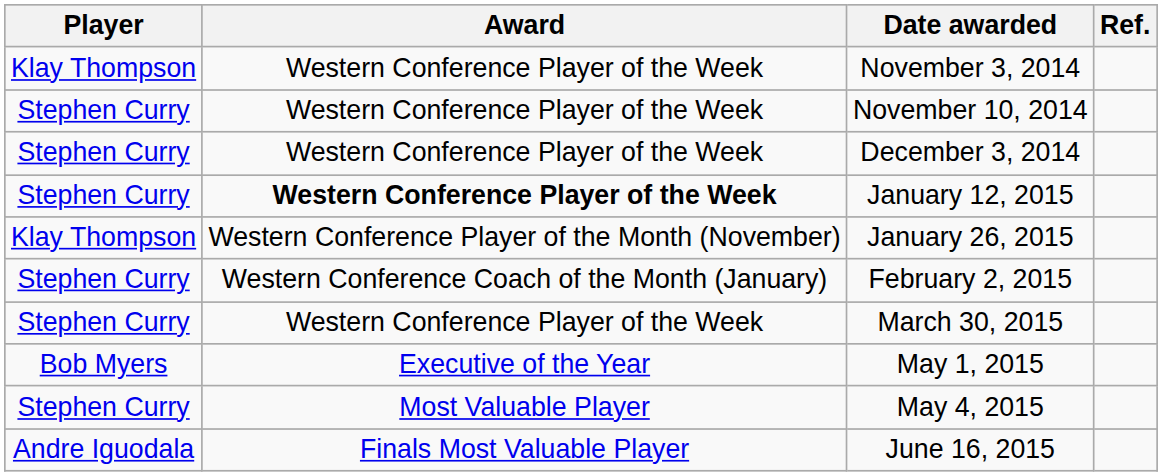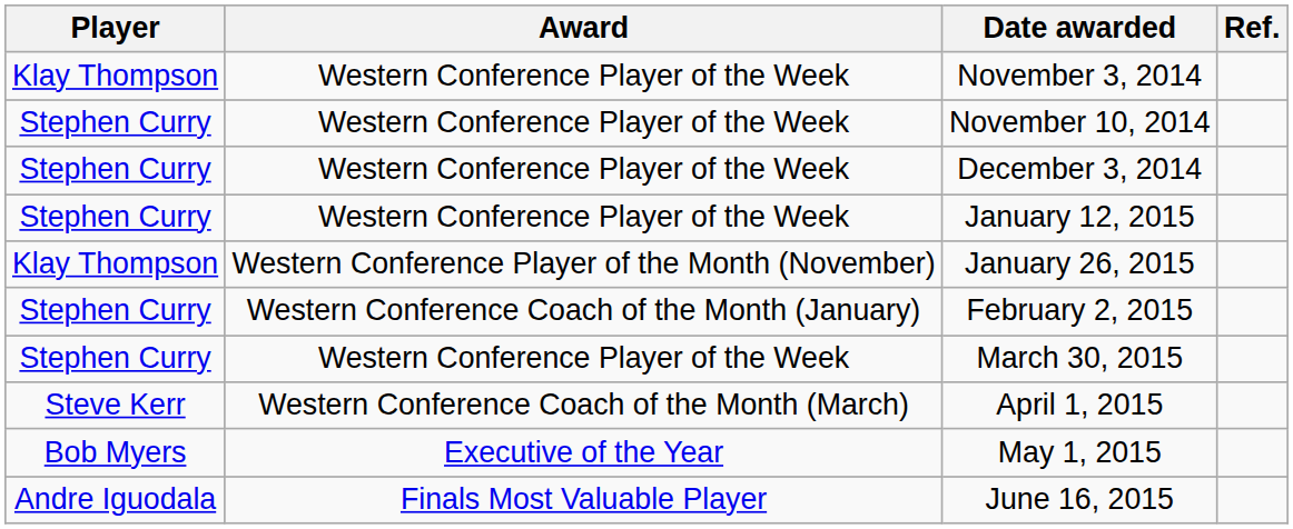 <table class="wikitable sortable sortable" style="text-align: center">
 <tr>
 <th>Player</th>
 <th>Award</th>
 <th>Date awarded</th>
 <th>Ref.</th>
 </tr>
 <tr>
 <td><a href='#'>Klay Thompson</a></td>
 <td>Western Conference Player of the Week</td>
 <td>November 3, 2014</td>
 <td></td>
 </tr>
 <tr>
 <td><a href='#'>Stephen Curry</a></td>
 <td>Western Conference Player of the Week</td>
 <td>November 10, 2014</td>
 <td></td>
 </tr>
 <tr>
 <td><a href='#'>Stephen Curry</a></td>
 <td>Western Conference Player of the Week</td>
 <td>December 3, 2014</td>
 <td></td>
 </tr>
 <tr>
 <td><a href='#'>Stephen Curry</a></td>
-<td><strong>Western Conference Player of the Week</strong></td>
+<td>Western Conference Player of the Week</td>
 <td>January 12, 2015</td>
 <td></td>
 </tr>
 <tr>
 <td><a href='#'>Klay Thompson</a></td>
 <td>Western Conference Player of the Month (November)</td>
 <td>January 26, 2015</td>
 <td></td>
 </tr>
 <tr>
 <td><a href='#'>Stephen Curry</a></td>
 <td>Western Conference Coach of the Month (January)</td>
 <td>February 2, 2015</td>
 <td></td>
 </tr>
 <tr>
 <td><a href='#'>Stephen Curry</a></td>
 <td>Western Conference Player of the Week</td>
 <td>March 30, 2015</td>
 <td></td>
 </tr>
 <tr>
+<td><a href='#'>Steve Kerr</a></td>
+<td>Western Conference Coach of the Month (March)</td>
+<td>April 1, 2015</td>
+<td></td>
+</tr>
+<tr>
 <td><a href='#'>Bob Myers</a></td>
 <td><a href='#'>Executive of the Year</a></td>
 <td>May 1, 2015</td>
-<td></td>
-</tr>
-<tr>
-<td><a href='#'>Stephen Curry</a></td>
-<td><a href='#'>Most Valuable Player</a></td>
-<td>May 4, 2015</td>
 <td></td>
 </tr>
 <tr>
 <td><a href='#'>Andre Iguodala</a></td>
 <td><a href='#'>Finals Most Valuable Player</a></td>
 <td>June 16, 2015</td>
 <td></td>
 </tr>
 </table>
